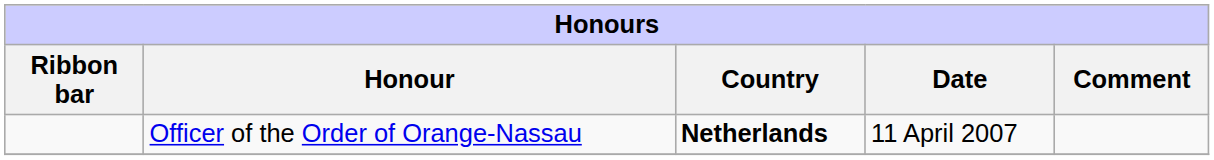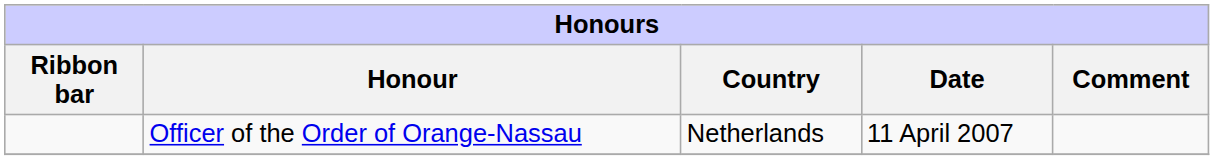 <table class="wikitable" style="width:60%;">
 <tr style="background:#ccf; text-align:center;">
 <td colspan=5><strong>Honours</strong></td>
 </tr>
 <tr>
 <th style="width:80px;">Ribbon bar</th>
 <th>Honour</th>
 <th>Country</th>
 <th>Date</th>
 <th>Comment</th>
 </tr>
 <tr>
 <td></td>
 <td><a href='#'>Officer</a> of the <a href='#'>Order of Orange-Nassau</a></td>
-<td><strong>Netherlands</strong></td>
+<td>Netherlands</td>
 <td>11 April 2007</td>
 <td></td>
 </tr>
 <tr>
 </tr>
 </table>
